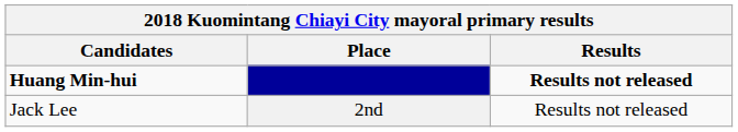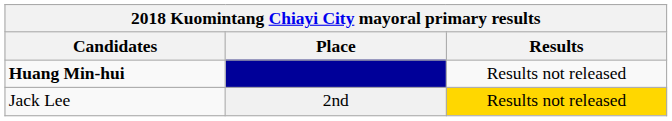 <table class="wikitable collapsible" style="margin:1em auto;">
 <tr>
 <th colspan="5" width=600>2018 Kuomintang <a href='#'>Chiayi City</a> mayoral primary results</th>
 </tr>
 <tr>
 <th width=80>Candidates</th>
 <th width=80>Place</th>
 <th width=80>Results</th>
 </tr>
 <tr>
 <td><strong>Huang Min-hui</strong></td>
 <td style="background: #000099; text-align:center"><strong></strong></td>
-<td style="text-align:center"><strong>Results not released</strong></td>
+<td style="text-align:center">Results not released</td>
 </tr>
 <tr>
 <td>Jack Lee</td>
 <td style="background: #f1f1f1; text-align:center">2nd</td>
-<td style="text-align:center">Results not released</td>
+<td style="background: gold; text-align:center">Results not released</td>
 </tr>
 </table>
